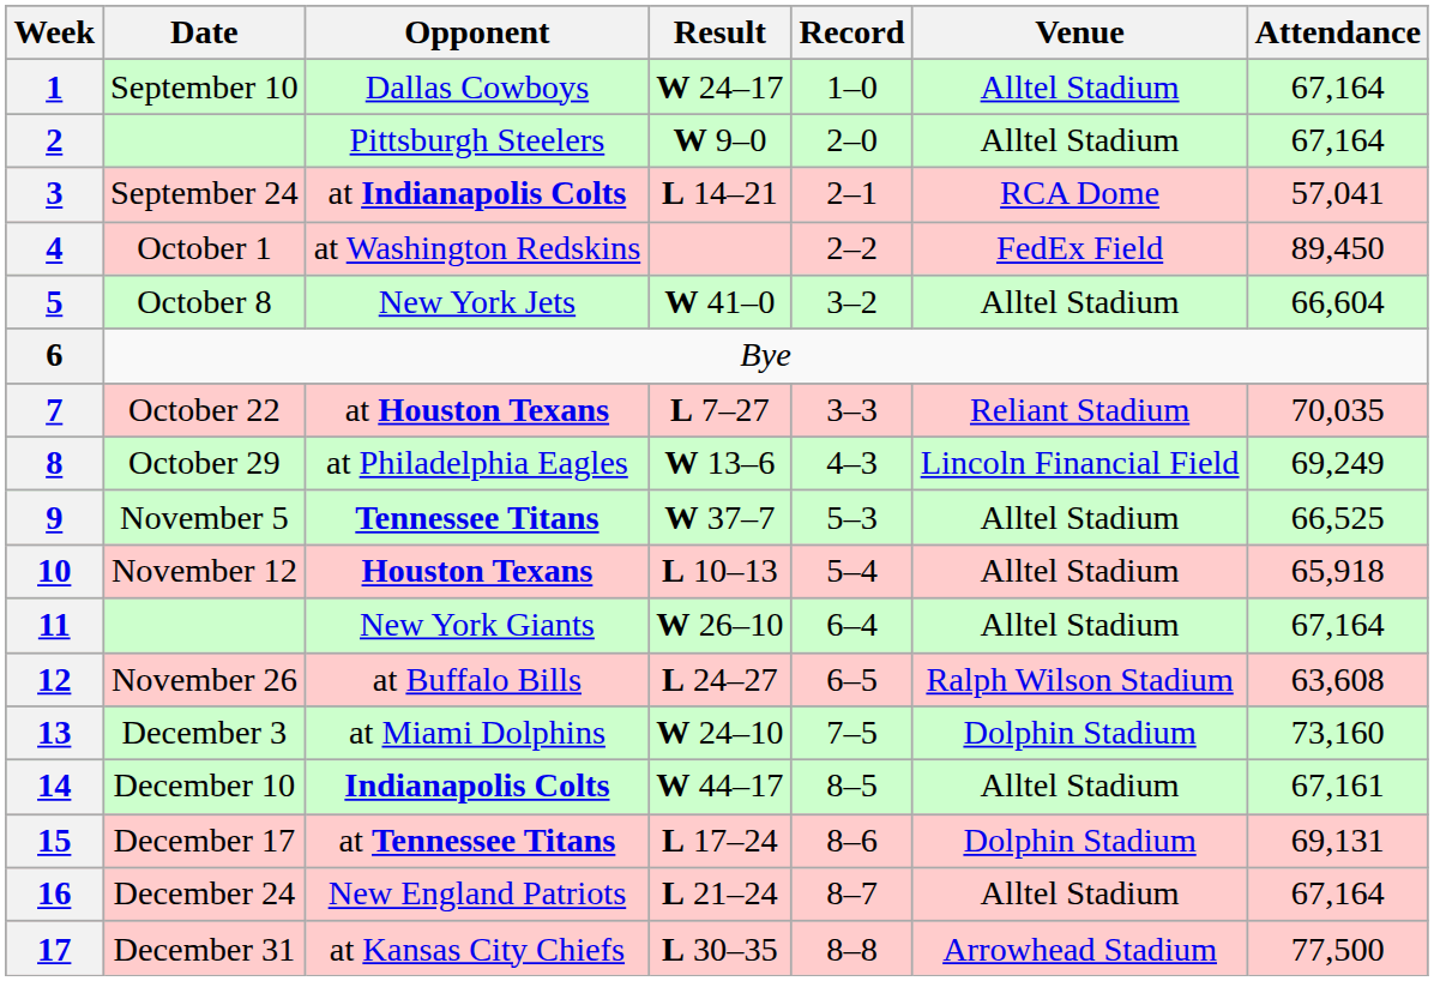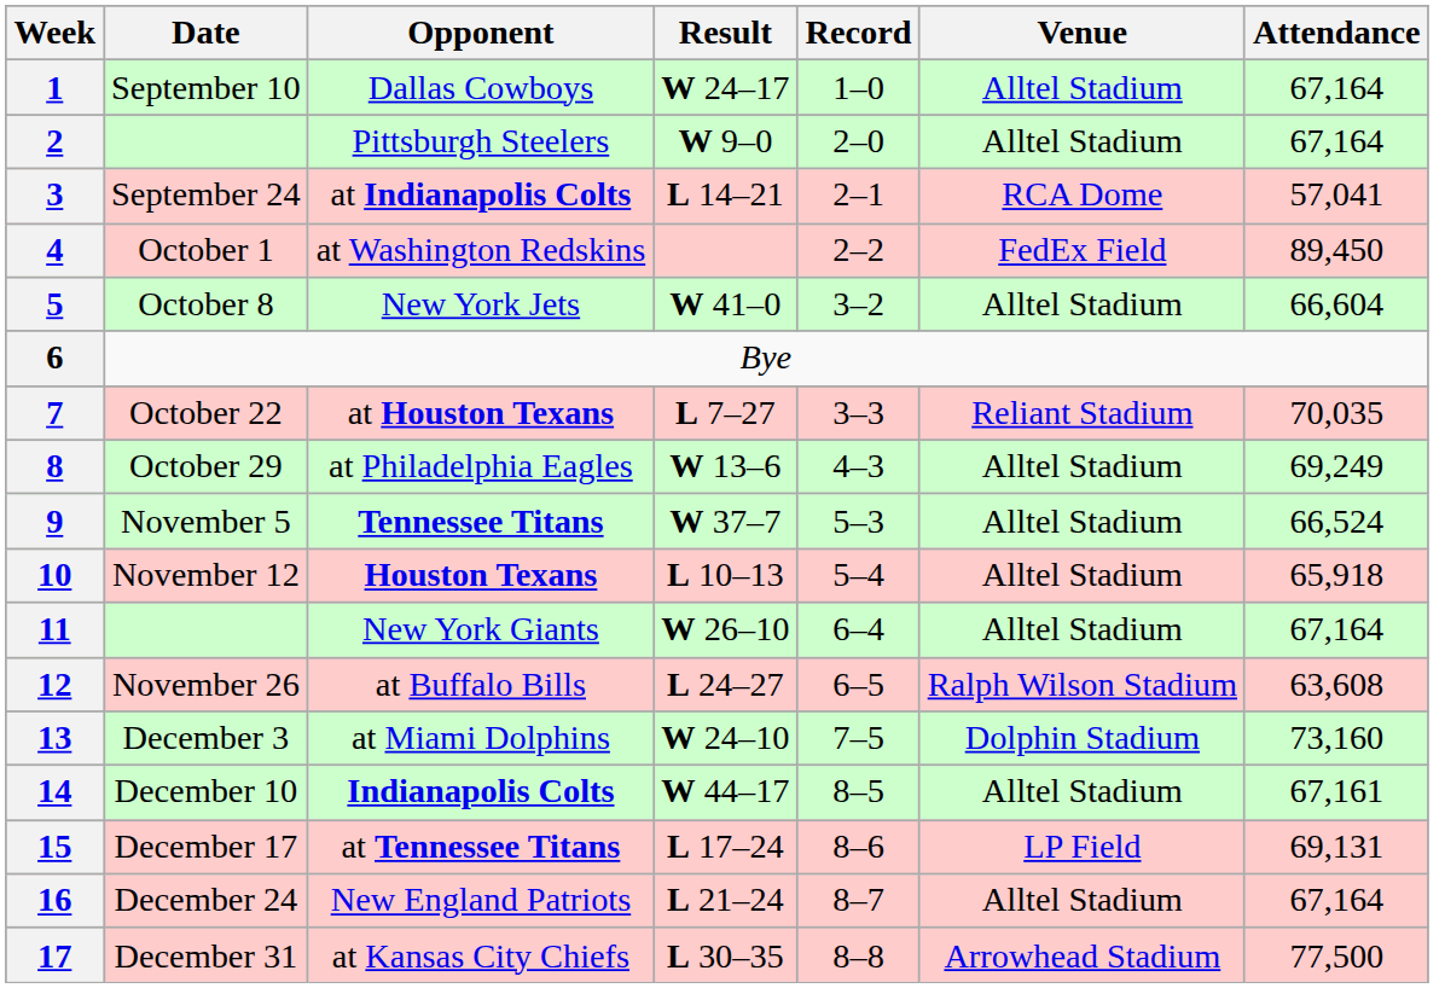 <table class="wikitable" style="text-align:center">
 <tr>
 <th>Week</th>
 <th>Date</th>
 <th>Opponent</th>
 <th>Result</th>
 <th>Record</th>
 <th>Venue</th>
 <th>Attendance</th>
 </tr>
 <tr style="background:#cfc;">
 <th><a href='#'>1</a></th>
 <td>September 10</td>
 <td><a href='#'>Dallas Cowboys</a></td>
 <td><strong>W</strong> 24–17</td>
 <td>1–0</td>
 <td><a href='#'>Alltel Stadium</a></td>
 <td>67,164</td>
 </tr>
 <tr style="background:#cfc;">
 <th><a href='#'>2</a></th>
 <td></td>
 <td><a href='#'>Pittsburgh Steelers</a></td>
 <td><strong>W</strong> 9–0</td>
 <td>2–0</td>
 <td>Alltel Stadium</td>
 <td>67,164</td>
 </tr>
 <tr style="background:#fcc;">
 <th><a href='#'>3</a></th>
 <td>September 24</td>
 <td>at <strong><a href='#'>Indianapolis Colts</a></strong></td>
 <td><strong>L</strong> 14–21</td>
 <td>2–1</td>
 <td><a href='#'>RCA Dome</a></td>
 <td>57,041</td>
 </tr>
 <tr style="background:#fcc;">
 <th><a href='#'>4</a></th>
 <td>October 1</td>
 <td>at <a href='#'>Washington Redskins</a></td>
 <td></td>
 <td>2–2</td>
 <td><a href='#'>FedEx Field</a></td>
 <td>89,450</td>
 </tr>
 <tr style="background:#cfc;">
 <th><a href='#'>5</a></th>
 <td>October 8</td>
 <td><a href='#'>New York Jets</a></td>
 <td><strong>W</strong> 41–0</td>
 <td>3–2</td>
 <td>Alltel Stadium</td>
 <td>66,604</td>
 </tr>
 <tr>
 <th>6</th>
 <td colspan="6"><em>Bye</em></td>
 </tr>
 <tr style="background:#fcc;">
 <th><a href='#'>7</a></th>
 <td>October 22</td>
 <td>at <strong><a href='#'>Houston Texans</a></strong></td>
 <td><strong>L</strong> 7–27</td>
 <td>3–3</td>
 <td><a href='#'>Reliant Stadium</a></td>
 <td>70,035</td>
 </tr>
 <tr style="background:#cfc;">
 <th><a href='#'>8</a></th>
 <td>October 29</td>
 <td>at <a href='#'>Philadelphia Eagles</a></td>
 <td><strong>W</strong> 13–6</td>
 <td>4–3</td>
-<td><a href='#'>Lincoln Financial Field</a></td>
+<td>Alltel Stadium</td>
 <td>69,249</td>
 </tr>
 <tr style="background:#cfc;">
 <th><a href='#'>9</a></th>
 <td>November 5</td>
 <td><strong><a href='#'>Tennessee Titans</a></strong></td>
 <td><strong>W</strong> 37–7</td>
 <td>5–3</td>
 <td>Alltel Stadium</td>
-<td>66,525</td>
+<td>66,524</td>
 </tr>
 <tr style="background:#fcc;">
 <th><a href='#'>10</a></th>
 <td>November 12</td>
 <td><strong><a href='#'>Houston Texans</a></strong></td>
 <td><strong>L</strong> 10–13</td>
 <td>5–4</td>
 <td>Alltel Stadium</td>
 <td>65,918</td>
 </tr>
 <tr style="background:#cfc;">
 <th><a href='#'>11</a></th>
 <td></td>
 <td><a href='#'>New York Giants</a></td>
 <td><strong>W</strong> 26–10</td>
 <td>6–4</td>
 <td>Alltel Stadium</td>
 <td>67,164</td>
 </tr>
 <tr style="background:#fcc;">
 <th><a href='#'>12</a></th>
 <td>November 26</td>
 <td>at <a href='#'>Buffalo Bills</a></td>
 <td><strong>L</strong> 24–27</td>
 <td>6–5</td>
 <td><a href='#'>Ralph Wilson Stadium</a></td>
 <td>63,608</td>
 </tr>
 <tr style="background:#cfc;">
 <th><a href='#'>13</a></th>
 <td>December 3</td>
 <td>at <a href='#'>Miami Dolphins</a></td>
 <td><strong>W</strong> 24–10</td>
 <td>7–5</td>
 <td><a href='#'>Dolphin Stadium</a></td>
 <td>73,160</td>
 </tr>
 <tr style="background:#cfc;">
 <th><a href='#'>14</a></th>
 <td>December 10</td>
 <td><strong><a href='#'>Indianapolis Colts</a></strong></td>
 <td><strong>W</strong> 44–17</td>
 <td>8–5</td>
 <td>Alltel Stadium</td>
 <td>67,161</td>
 </tr>
 <tr style="background:#fcc;">
 <th><a href='#'>15</a></th>
 <td>December 17</td>
 <td>at <strong><a href='#'>Tennessee Titans</a></strong></td>
 <td><strong>L</strong> 17–24</td>
 <td>8–6</td>
-<td><a href='#'>Dolphin Stadium</a></td>
+<td><a href='#'>LP Field</a></td>
 <td>69,131</td>
 </tr>
 <tr style="background:#fcc;">
 <th><a href='#'>16</a></th>
 <td>December 24</td>
 <td><a href='#'>New England Patriots</a></td>
 <td><strong>L</strong> 21–24</td>
 <td>8–7</td>
 <td>Alltel Stadium</td>
 <td>67,164</td>
 </tr>
 <tr style="background:#fcc;">
 <th><a href='#'>17</a></th>
 <td>December 31</td>
 <td>at <a href='#'>Kansas City Chiefs</a></td>
 <td><strong>L</strong> 30–35</td>
 <td>8–8</td>
 <td><a href='#'>Arrowhead Stadium</a></td>
 <td>77,500</td>
 </tr>
 </table>
